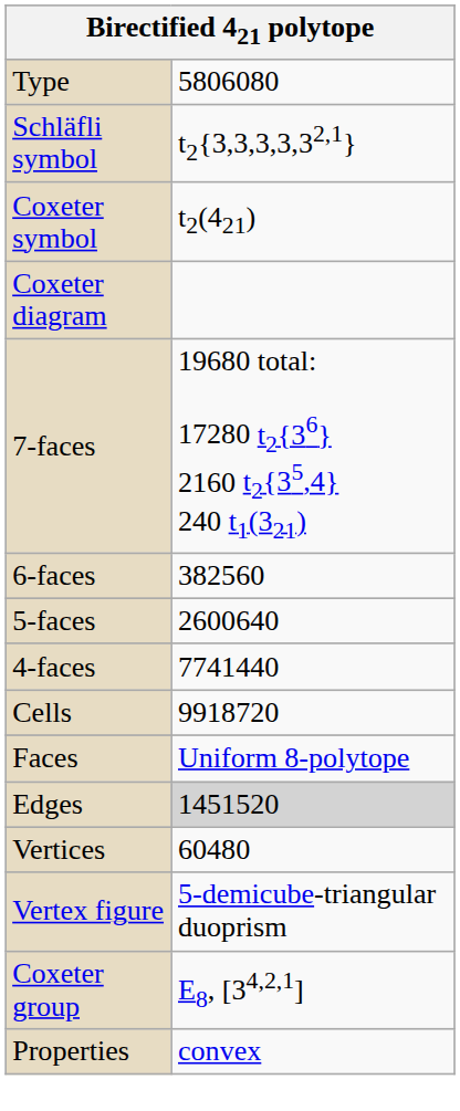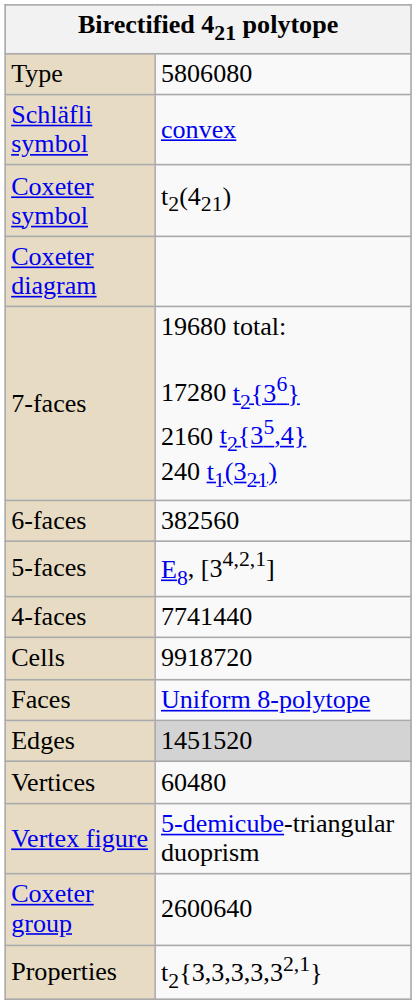 <table class="wikitable" align="right" style="margin-left:10px" width="250">
 <tr>
 <th bgcolor=#e7dcc3 colspan=2>Birectified 4<sub>21</sub> polytope</th>
 </tr>
 <tr>
 <td bgcolor=#e7dcc3>Type</td>
 <td>5806080</td>
 </tr>
 <tr>
 <td bgcolor=#e7dcc3><a href='#'>Schläfli symbol</a></td>
-<td>t<sub>2</sub>{3,3,3,3,3<sup>2,1</sup>}</td>
+<td><a href='#'>convex</a></td>
 </tr>
 <tr>
 <td bgcolor=#e7dcc3><a href='#'>Coxeter symbol</a></td>
 <td>t<sub>2</sub>(4<sub>21</sub>)</td>
 </tr>
 <tr>
 <td bgcolor=#e7dcc3><a href='#'>Coxeter diagram</a></td>
 <td></td>
 </tr>
 <tr>
 <td bgcolor=#e7dcc3>7-faces</td>
 <td>19680 total:<br><br>17280 <a href='#'>t<sub>2</sub>{3<sup>6</sup>}</a> <br> 2160 <a href='#'>t<sub>2</sub>{3<sup>5</sup>,4}</a> <br> 240 <a href='#'>t<sub>1</sub>(3<sub>21</sub>)</a> </td>
 </tr>
 <tr>
 <td bgcolor=#e7dcc3>6-faces</td>
 <td>382560</td>
 </tr>
 <tr>
 <td bgcolor=#e7dcc3>5-faces</td>
-<td>2600640</td>
+<td><a href='#'>E<sub>8</sub></a>, [3<sup>4,2,1</sup>]</td>
 </tr>
 <tr>
 <td bgcolor=#e7dcc3>4-faces</td>
 <td>7741440</td>
 </tr>
 <tr>
 <td bgcolor=#e7dcc3>Cells</td>
 <td>9918720</td>
 </tr>
 <tr>
 <td bgcolor=#e7dcc3>Faces</td>
 <td><a href='#'>Uniform 8-polytope</a></td>
 </tr>
 <tr>
 <td bgcolor=#e7dcc3>Edges</td>
 <td style="background: lightgrey;">1451520</td>
 </tr>
 <tr>
 <td bgcolor=#e7dcc3>Vertices</td>
 <td>60480</td>
 </tr>
 <tr>
 <td bgcolor=#e7dcc3><a href='#'>Vertex figure</a></td>
 <td><a href='#'>5-demicube</a>-triangular duoprism</td>
 </tr>
 <tr>
 <td bgcolor=#e7dcc3><a href='#'>Coxeter group</a></td>
-<td><a href='#'>E<sub>8</sub></a>, [3<sup>4,2,1</sup>]</td>
+<td>2600640</td>
 </tr>
 <tr>
 <td bgcolor=#e7dcc3>Properties</td>
-<td><a href='#'>convex</a></td>
+<td>t<sub>2</sub>{3,3,3,3,3<sup>2,1</sup>}</td>
 </tr>
 </table>
